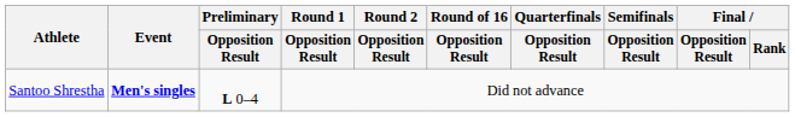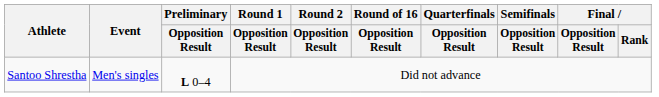 <table class=wikitable style=font-size:90%;text-align:center>
 <tr>
 <th rowspan=2>Athlete</th>
 <th rowspan=2>Event</th>
 <th>Preliminary</th>
 <th>Round 1</th>
 <th>Round 2</th>
 <th>Round of 16</th>
 <th>Quarterfinals</th>
 <th>Semifinals</th>
 <th colspan=2>Final / </th>
 </tr>
 <tr style=font-size:95%>
 <th>Opposition<br>Result</th>
 <th>Opposition<br>Result</th>
 <th>Opposition<br>Result</th>
 <th>Opposition<br>Result</th>
 <th>Opposition<br>Result</th>
 <th>Opposition<br>Result</th>
 <th>Opposition<br>Result</th>
 <th>Rank</th>
 </tr>
 <tr>
 <td align=left><a href='#'>Santoo Shrestha</a></td>
-<td align=left><strong><a href='#'>Men's singles</a></strong></td>
+<td align=left><a href='#'>Men's singles</a></td>
 <td><br><strong>L</strong> 0–4</td>
 <td colspan=7>Did not advance</td>
 </tr>
 </table>
